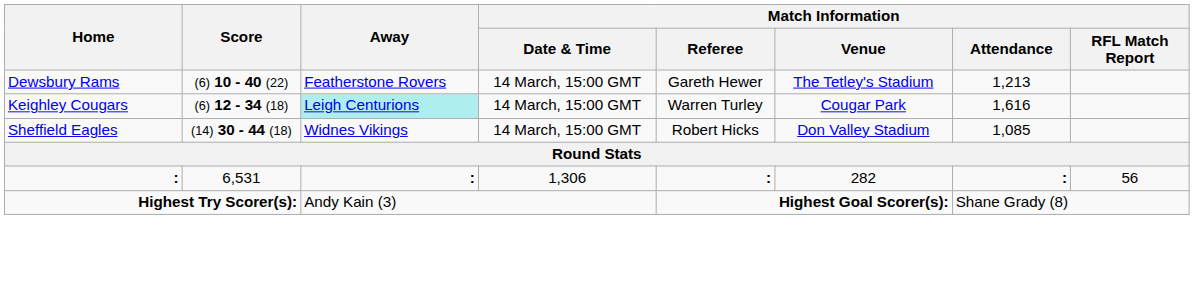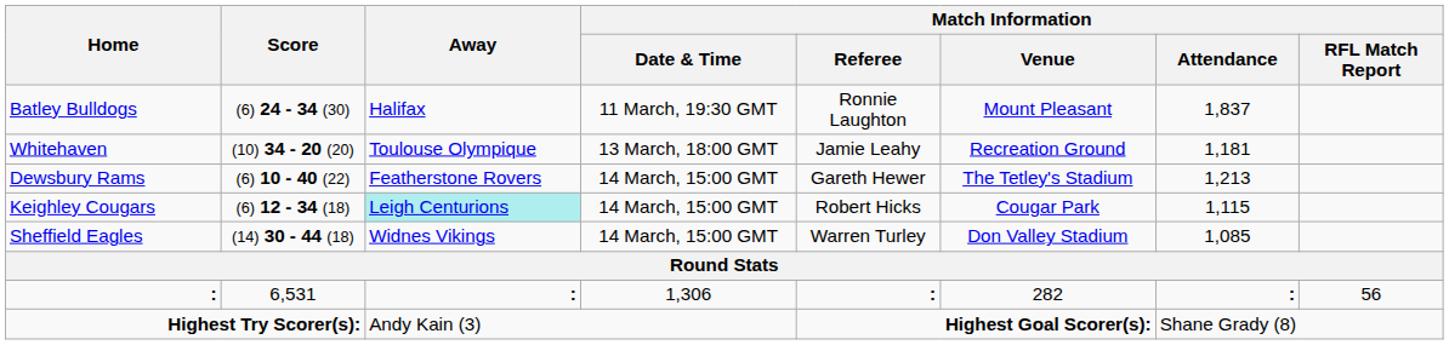 <table class="wikitable" style="text-align: center; cellpadding=3 cellspacing=0 width=95%">
 <tr>
 <th rowspan=2 width=15%>Home</th>
 <th rowspan=2 width=10%>Score</th>
 <th rowspan=2 width=15%>Away</th>
 <th colspan=5>Match Information</th>
 </tr>
 <tr>
 <th width=15%>Date & Time</th>
 <th width=10%>Referee</th>
 <th width=15%>Venue</th>
 <th width=10%>Attendance</th>
 <th width=10%>RFL Match Report</th>
+</tr>
+<tr>
+<td align=left> <a href='#'>Batley Bulldogs</a></td>
+<td><small>(6)</small> <strong>24 - 34</strong> <small>(30)</small></td>
+<td align=left> <a href='#'>Halifax</a></td>
+<td>11 March, 19:30 GMT</td>
+<td>Ronnie Laughton</td>
+<td><a href='#'>Mount Pleasant</a></td>
+<td>1,837</td>
+<td align="center"></td>
+</tr>
+<tr>
+<td align=left> <a href='#'>Whitehaven</a></td>
+<td><small>(10)</small> <strong>34 - 20</strong> <small>(20)</small></td>
+<td align=left> <a href='#'>Toulouse Olympique</a></td>
+<td>13 March, 18:00 GMT</td>
+<td>Jamie Leahy</td>
+<td><a href='#'>Recreation Ground</a></td>
+<td>1,181</td>
+<td align="center"></td>
 </tr>
 <tr>
 <td align=left> <a href='#'>Dewsbury Rams</a></td>
 <td><small>(6)</small> <strong>10 - 40</strong> <small>(22)</small></td>
 <td align=left> <a href='#'>Featherstone Rovers</a></td>
 <td>14 March, 15:00 GMT</td>
 <td>Gareth Hewer</td>
 <td><a href='#'>The Tetley's Stadium</a></td>
 <td>1,213</td>
 <td align="center"></td>
 </tr>
 <tr>
 <td align=left> <a href='#'>Keighley Cougars</a></td>
 <td><small>(6)</small> <strong>12 - 34</strong> <small>(18)</small></td>
 <td align=left style="background: paleturquoise;"> <a href='#'>Leigh Centurions</a></td>
 <td>14 March, 15:00 GMT</td>
-<td>Warren Turley</td>
+<td>Robert Hicks</td>
 <td><a href='#'>Cougar Park</a></td>
-<td>1,616</td>
+<td>1,115</td>
 <td align="center"></td>
 </tr>
 <tr>
 <td align=left> <a href='#'>Sheffield Eagles</a></td>
 <td><small>(14)</small> <strong>30 - 44</strong> <small>(18)</small></td>
 <td align=left> <a href='#'>Widnes Vikings</a></td>
 <td>14 March, 15:00 GMT</td>
-<td>Robert Hicks</td>
+<td>Warren Turley</td>
 <td><a href='#'>Don Valley Stadium</a></td>
 <td>1,085</td>
 <td align="center"></td>
 </tr>
 <tr>
 <th colspan=8>Round Stats</th>
 </tr>
 <tr>
 <td colspan=1 align=right><strong>:</strong></td>
 <td colspan=1>6,531</td>
 <td colspan=1 align=right><strong>:</strong></td>
 <td colspan=1>1,306</td>
 <td colspan=1 align=right><strong>:</strong></td>
 <td colspan=1>282</td>
 <td colspan=1 align=right><strong>:</strong></td>
 <td colspan=1>56</td>
 </tr>
 <tr>
 <td colspan=2 valign="top" align=right><strong>Highest Try Scorer(s):</strong></td>
 <td colspan=2 valign="top" align=left> Andy Kain (3)</td>
 <td colspan=2 valign="top" align=right><strong>Highest Goal Scorer(s):</strong></td>
 <td colspan=2 valign="top" align=left> Shane Grady (8)</td>
 </tr>
 </table>
